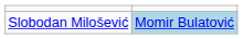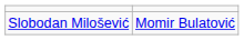 <table class="wikitable" style="text-align:left; float:right; margin-right:9px; margin-left:2px">
 <tr>
 <td style="text-align:left;"></td>
 <td style="text-align:left;"></td>
 </tr>
 <tr>
 <td style="text-align:center;"><a href='#'>Slobodan Milošević</a></td>
-<td style="background: lightblue; text-align:center;"><a href='#'>Momir Bulatović</a></td>
+<td style="text-align:center;"><a href='#'>Momir Bulatović</a></td>
 </tr>
 </table>
